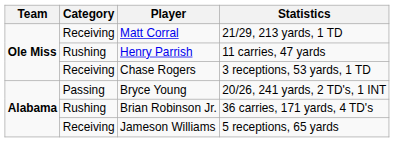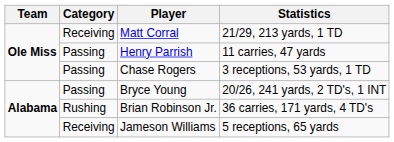 <table class="wikitable" style="float: right;">
 <tr>
 <th>Team</th>
 <th>Category</th>
 <th>Player</th>
 <th>Statistics</th>
 </tr>
 <tr>
 <td rowspan=3><strong>Ole Miss</strong></td>
 <td>Receiving</td>
 <td><a href='#'>Matt Corral</a></td>
 <td>21/29, 213 yards, 1 TD</td>
 </tr>
 <tr>
-<td>Rushing</td>
+<td>Passing</td>
 <td><a href='#'>Henry Parrish</a></td>
 <td>11 carries, 47 yards</td>
 </tr>
 <tr>
-<td>Receiving</td>
+<td>Passing</td>
 <td>Chase Rogers</td>
 <td>3 receptions, 53 yards, 1 TD</td>
 </tr>
 <tr>
 <td rowspan=3><strong>Alabama</strong></td>
 <td>Passing</td>
 <td>Bryce Young</td>
 <td>20/26, 241 yards, 2 TD's, 1 INT</td>
 </tr>
 <tr>
 <td>Rushing</td>
 <td>Brian Robinson Jr.</td>
 <td>36 carries, 171 yards, 4 TD's</td>
 </tr>
 <tr>
 <td>Receiving</td>
 <td>Jameson Williams</td>
 <td>5 receptions, 65 yards</td>
 </tr>
 </table>
